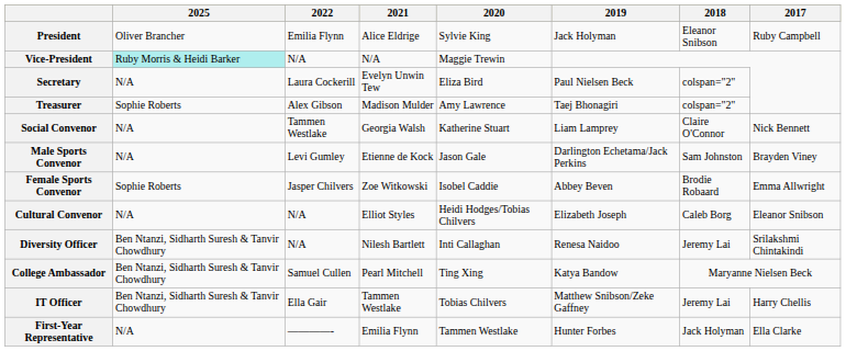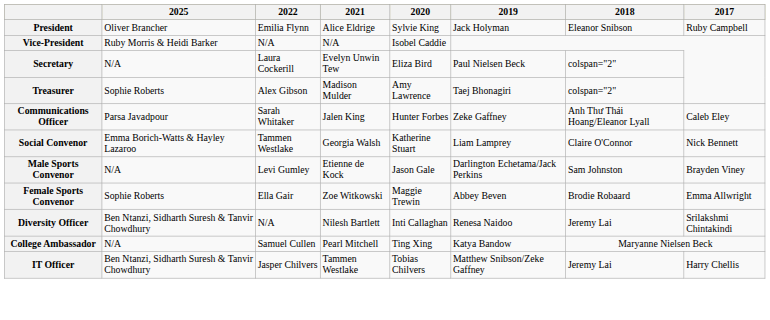 <table class="wikitable">
 <tr style="background:#bdb76b;">
 <th></th>
 <th>2025</th>
 <th>2022</th>
 <th>2021</th>
 <th>2020</th>
 <th>2019</th>
 <th>2018</th>
 <th>2017</th>
 </tr>
 <tr>
 <th>President</th>
 <td>Oliver Brancher</td>
 <td>Emilia Flynn</td>
 <td>Alice Eldrige</td>
 <td>Sylvie King</td>
 <td>Jack Holyman</td>
 <td>Eleanor Snibson</td>
 <td>Ruby Campbell</td>
 </tr>
 <tr>
 <th>Vice-President</th>
-<td style="background: paleturquoise;">Ruby Morris & Heidi Barker</td>
+<td>Ruby Morris & Heidi Barker</td>
 <td ————->N/A</td>
 <td>N/A</td>
-<td>Maggie Trewin</td>
+<td>Isobel Caddie</td>
 </tr>
 <tr>
 <th>Secretary</th>
 <td>N/A</td>
 <td>Laura Cockerill</td>
 <td>Evelyn Unwin Tew</td>
 <td>Eliza Bird</td>
 <td>Paul Nielsen Beck</td>
 <td>colspan="2" </td>
 </tr>
 <tr>
 <th>Treasurer</th>
 <td>Sophie Roberts</td>
 <td>Alex Gibson</td>
 <td>Madison Mulder</td>
 <td>Amy Lawrence</td>
 <td>Taej Bhonagiri</td>
 <td>colspan="2" </td>
 </tr>
 <tr>
+<th>Communications Officer</th>
+<td>Parsa Javadpour</td>
+<td>Sarah Whitaker</td>
+<td>Jalen King</td>
+<td>Hunter Forbes</td>
+<td>Zeke Gaffney</td>
+<td>Anh Thư Thái Hoang/Eleanor Lyall</td>
+<td>Caleb Eley</td>
+</tr>
+<tr>
 <th>Social Convenor</th>
-<td>N/A</td>
+<td>Emma Borich-Watts & Hayley Lazaroo</td>
 <td>Tammen Westlake</td>
 <td>Georgia Walsh</td>
 <td>Katherine Stuart</td>
 <td>Liam Lamprey</td>
 <td>Claire O'Connor</td>
 <td>Nick Bennett</td>
 </tr>
 <tr>
 <th>Male Sports Convenor</th>
 <td>N/A</td>
 <td>Levi Gumley</td>
 <td>Etienne de Kock</td>
 <td>Jason Gale</td>
 <td>Darlington Echetama/Jack Perkins</td>
 <td>Sam Johnston</td>
 <td>Brayden Viney</td>
 </tr>
 <tr>
 <th>Female Sports Convenor</th>
 <td>Sophie Roberts</td>
-<td>Jasper Chilvers</td>
+<td>Ella Gair</td>
 <td>Zoe Witkowski</td>
-<td>Isobel Caddie</td>
+<td>Maggie Trewin</td>
 <td>Abbey Beven</td>
 <td>Brodie Robaard</td>
 <td>Emma Allwright</td>
-</tr>
-<tr>
-<th>Cultural Convenor</th>
-<td>N/A</td>
-<td>N/A</td>
-<td>Elliot Styles</td>
-<td>Heidi Hodges/Tobias Chilvers</td>
-<td>Elizabeth Joseph</td>
-<td>Caleb Borg</td>
-<td>Eleanor Snibson</td>
 </tr>
 <tr>
 <th>Diversity Officer</th>
 <td>Ben Ntanzi, Sidharth Suresh & Tanvir Chowdhury</td>
 <td>N/A</td>
 <td>Nilesh Bartlett</td>
 <td>Inti Callaghan</td>
 <td>Renesa Naidoo</td>
 <td>Jeremy Lai</td>
 <td>Srilakshmi Chintakindi</td>
 </tr>
 <tr>
 <th>College Ambassador</th>
-<td>Ben Ntanzi, Sidharth Suresh & Tanvir Chowdhury</td>
+<td>N/A</td>
 <td>Samuel Cullen</td>
 <td>Pearl Mitchell</td>
 <td>Ting Xing</td>
 <td>Katya Bandow</td>
 <td align="center" colspan="2">Maryanne Nielsen Beck</td>
 </tr>
 <tr>
 <th>IT Officer</th>
 <td>Ben Ntanzi, Sidharth Suresh & Tanvir Chowdhury</td>
-<td>Ella Gair</td>
+<td>Jasper Chilvers</td>
 <td>Tammen Westlake</td>
 <td>Tobias Chilvers</td>
 <td>Matthew Snibson/Zeke Gaffney</td>
 <td>Jeremy Lai</td>
 <td>Harry Chellis</td>
 </tr>
-<tr>
-<th>First-Year Representative</th>
-<td>N/A</td>
-<td>————-</td>
-<td>Emilia Flynn</td>
-<td>Tammen Westlake</td>
-<td>Hunter Forbes</td>
-<td>Jack Holyman</td>
-<td>Ella Clarke</td>
-</tr>
 </table>
